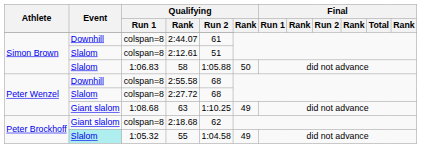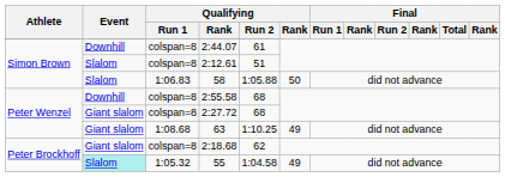 <table class="wikitable" style="font-size:90%">
 <tr>
 <th rowspan="2">Athlete</th>
 <th rowspan="2">Event</th>
 <th colspan="4">Qualifying</th>
 <th colspan="6">Final</th>
 </tr>
 <tr>
 <th>Run 1</th>
 <th>Rank</th>
 <th>Run 2</th>
 <th>Rank</th>
 <th>Run 1</th>
 <th>Rank</th>
 <th>Run 2</th>
 <th>Rank</th>
 <th>Total</th>
 <th>Rank</th>
 </tr>
 <tr>
 </tr>
 <tr align="center">
 <td align="left" rowspan=3><a href='#'>Simon Brown</a></td>
 <td align="left"><a href='#'>Downhill</a></td>
 <td>colspan=8 </td>
 <td>2:44.07</td>
 <td>61</td>
 </tr>
 <tr align="center">
 <td align="left"><a href='#'>Slalom</a></td>
 <td>colspan=8 </td>
 <td>2:12.61</td>
 <td>51</td>
 </tr>
 <tr align="center">
 <td align="left"><a href='#'>Slalom</a></td>
 <td>1:06.83</td>
 <td>58</td>
 <td>1:05.88</td>
 <td>50</td>
 <td colspan=6>did not advance</td>
 </tr>
 <tr align="center">
 <td align="left" rowspan=3><a href='#'>Peter Wenzel</a></td>
 <td align="left"><a href='#'>Downhill</a></td>
 <td>colspan=8 </td>
 <td>2:55.58</td>
 <td>68</td>
 </tr>
 <tr align="center">
-<td align="left"><a href='#'>Slalom</a></td>
+<td align="left"><a href='#'>Giant slalom</a></td>
 <td>colspan=8 </td>
 <td>2:27.72</td>
 <td>68</td>
 </tr>
 <tr align="center">
 <td align="left"><a href='#'>Giant slalom</a></td>
 <td>1:08.68</td>
 <td>63</td>
 <td>1:10.25</td>
 <td>49</td>
 <td colspan=6>did not advance</td>
 </tr>
 <tr align="center">
 <td align="left" rowspan=2><a href='#'>Peter Brockhoff</a></td>
 <td align="left"><a href='#'>Giant slalom</a></td>
 <td>colspan=8 </td>
 <td>2:18.68</td>
 <td>62</td>
 </tr>
 <tr align="center">
 <td align="left" style="background: paleturquoise;"><a href='#'>Slalom</a></td>
 <td>1:05.32</td>
 <td>55</td>
 <td>1:04.58</td>
 <td>49</td>
 <td colspan=6>did not advance</td>
 </tr>
 </table>
